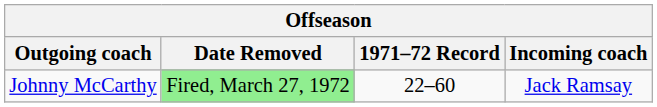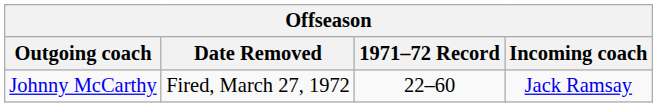 <table class="wikitable" border="1" style="text-align: center">
 <tr>
 <th colspan="4">Offseason</th>
 </tr>
 <tr>
 <th>Outgoing coach</th>
 <th>Date Removed</th>
 <th>1971–72 Record</th>
 <th>Incoming coach</th>
 </tr>
 <tr>
 <td><a href='#'>Johnny McCarthy</a></td>
-<td style="background: lightgreen;">Fired, March 27, 1972</td>
+<td>Fired, March 27, 1972</td>
 <td>22–60</td>
 <td><a href='#'>Jack Ramsay</a></td>
 </tr>
 </table>
